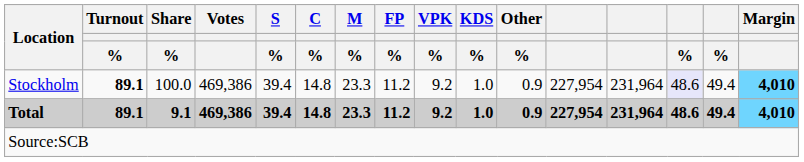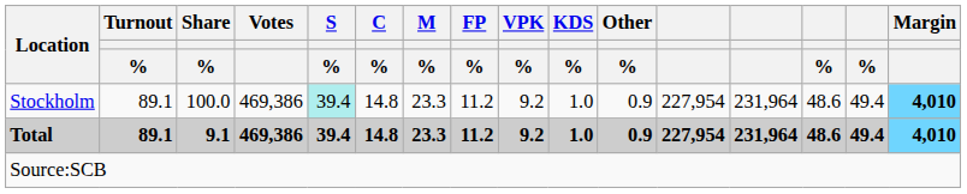 <table class="wikitable sortable" style="text-align:right; font-size:95%; line-height:20px;">
 <tr>
 <th rowspan="3">Location</th>
 <th>Turnout</th>
 <th>Share</th>
 <th>Votes</th>
 <th width="30px" class="unsortable"><a href='#'>S</a></th>
 <th width="30px" class="unsortable"><a href='#'>C</a></th>
 <th width="30px" class="unsortable"><a href='#'>M</a></th>
 <th width="30px" class="unsortable"><a href='#'>FP</a></th>
 <th width="30px" class="unsortable"><a href='#'>VPK</a></th>
 <th width="30px" class="unsortable"><a href='#'>KDS</a></th>
 <th width="30px" class="unsortable">Other</th>
 <th></th>
 <th></th>
 <th></th>
 <th></th>
 <th>Margin</th>
 </tr>
 <tr>
 <th></th>
 <th></th>
 <th></th>
 <th style="background:"></th>
 <th style="background:"></th>
 <th style="background:"></th>
 <th style="background:"></th>
 <th style="background:"></th>
 <th style="background:"></th>
 <th style="background:"></th>
 <th style="background:"></th>
 <th style="background:"></th>
 <th style="background:"></th>
 <th style="background:"></th>
 <th></th>
 </tr>
 <tr>
 <th data-sort-type="number">%</th>
 <th data-sort-type="number">%</th>
 <th></th>
 <th data-sort-type="number">%</th>
 <th data-sort-type="number">%</th>
 <th data-sort-type="number">%</th>
 <th data-sort-type="number">%</th>
 <th data-sort-type="number">%</th>
 <th data-sort-type="number">%</th>
 <th data-sort-type="number">%</th>
 <th data-sort-type="number"></th>
 <th data-sort-type="number"></th>
 <th data-sort-type="number">%</th>
 <th data-sort-type="number">%</th>
 <th data-sort-type="number"></th>
 </tr>
 <tr>
 <td align=left><a href='#'>Stockholm</a></td>
-<td><strong>89.1</strong></td>
+<td>89.1</td>
 <td>100.0</td>
 <td>469,386</td>
-<td>39.4</td>
+<td style="background: paleturquoise;">39.4</td>
 <td>14.8</td>
 <td>23.3</td>
 <td>11.2</td>
 <td>9.2</td>
 <td>1.0</td>
 <td>0.9</td>
 <td>227,954</td>
 <td>231,964</td>
-<td style="background: lavender;">48.6</td>
+<td>48.6</td>
 <td>49.4</td>
 <td bgcolor=#6fd5fe><strong>4,010</strong></td>
 </tr>
 <tr style="background:#CDCDCD;">
 <td align=left><strong>Total</strong></td>
 <td><strong>89.1</strong></td>
 <td><strong>9.1</strong></td>
 <td><strong>469,386</strong></td>
 <td><strong>39.4</strong></td>
 <td><strong>14.8</strong></td>
 <td><strong>23.3</strong></td>
 <td><strong>11.2</strong></td>
 <td><strong>9.2</strong></td>
 <td><strong>1.0</strong></td>
 <td><strong>0.9</strong></td>
 <td><strong>227,954</strong></td>
 <td><strong>231,964</strong></td>
 <td><strong>48.6</strong></td>
 <td><strong>49.4</strong></td>
 <td bgcolor=#6fd5fe><strong>4,010</strong></td>
 </tr>
 <tr>
 <td align=left colspan=16>Source:SCB </td>
 </tr>
 </table>
